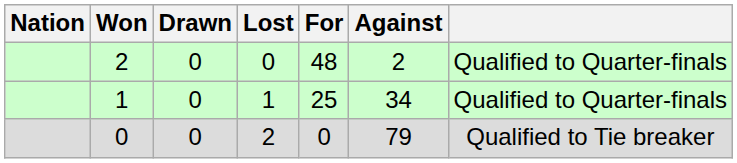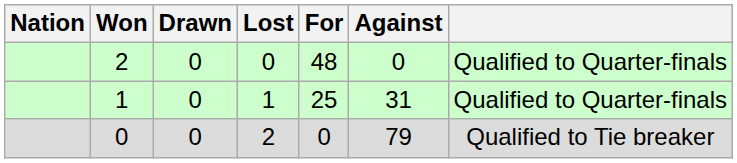 <table class="wikitable" style="text-align: center;">
 <tr>
 <th>Nation</th>
 <th>Won</th>
 <th>Drawn</th>
 <th>Lost</th>
 <th>For</th>
 <th>Against</th>
 <th></th>
 </tr>
 <tr bgcolor="#ccffcc">
 <td align="left"></td>
 <td>2</td>
 <td>0</td>
 <td>0</td>
 <td>48</td>
-<td>2</td>
+<td>0</td>
 <td>Qualified to Quarter-finals</td>
 </tr>
 <tr bgcolor="#ccffcc">
 <td align="left"></td>
 <td>1</td>
 <td>0</td>
 <td>1</td>
 <td>25</td>
-<td>34</td>
+<td>31</td>
 <td>Qualified to Quarter-finals</td>
 </tr>
 <tr bgcolor="DCDCDC">
 <td align="left"></td>
 <td>0</td>
 <td>0</td>
 <td>2</td>
 <td>0</td>
 <td>79</td>
 <td>Qualified to Tie breaker</td>
 </tr>
 </table>
